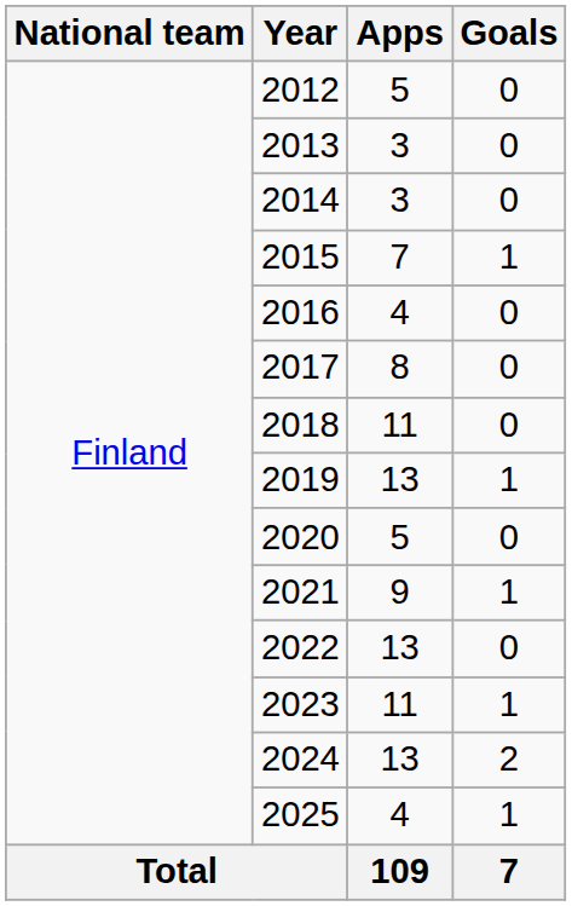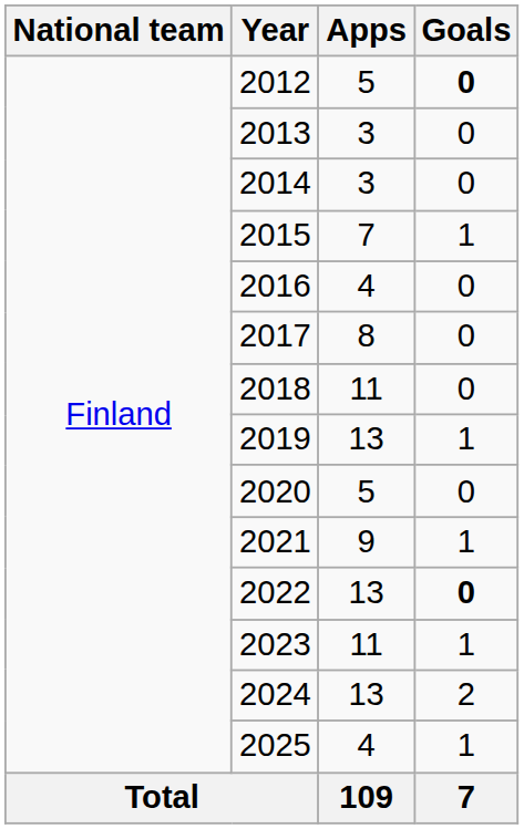 <table class="wikitable" style="text-align:center">
 <tr>
 <th>National team</th>
 <th>Year</th>
 <th>Apps</th>
 <th>Goals</th>
 </tr>
 <tr>
 <td rowspan="14"><a href='#'>Finland</a></td>
 <td>2012</td>
 <td>5</td>
-<td>0</td>
+<td><strong>0</strong></td>
 </tr>
 <tr>
 <td>2013</td>
 <td>3</td>
 <td>0</td>
 </tr>
 <tr>
 <td>2014</td>
 <td>3</td>
 <td>0</td>
 </tr>
 <tr>
 <td>2015</td>
 <td>7</td>
 <td>1</td>
 </tr>
 <tr>
 <td>2016</td>
 <td>4</td>
 <td>0</td>
 </tr>
 <tr>
 <td>2017</td>
 <td>8</td>
 <td>0</td>
 </tr>
 <tr>
 <td>2018</td>
 <td>11</td>
 <td>0</td>
 </tr>
 <tr>
 <td>2019</td>
 <td>13</td>
 <td>1</td>
 </tr>
 <tr>
 <td>2020</td>
 <td>5</td>
 <td>0</td>
 </tr>
 <tr>
 <td>2021</td>
 <td>9</td>
 <td>1</td>
 </tr>
 <tr>
 <td>2022</td>
 <td>13</td>
-<td>0</td>
+<td><strong>0</strong></td>
 </tr>
 <tr>
 <td>2023</td>
 <td>11</td>
 <td>1</td>
 </tr>
 <tr>
 <td>2024</td>
 <td>13</td>
 <td>2</td>
 </tr>
 <tr>
 <td>2025</td>
 <td>4</td>
 <td>1</td>
 </tr>
 <tr>
 <th colspan="2">Total</th>
 <th>109</th>
 <th>7</th>
 </tr>
 </table>
